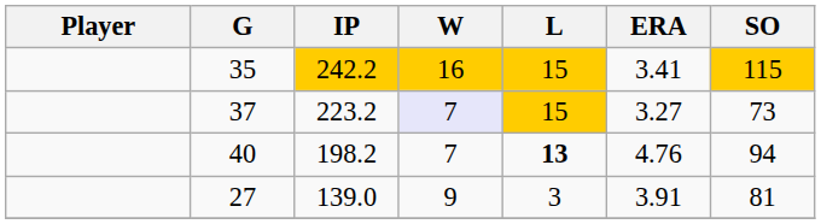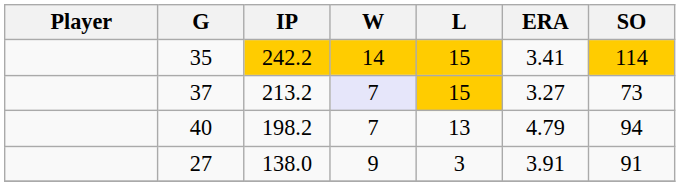 <table class="wikitable sortable">
 <tr>
 <th bgcolor="#DDDDFF" width="16%">Player</th>
 <th bgcolor="#DDDDFF" width="9%">G</th>
 <th bgcolor="#DDDDFF" width="9%">IP</th>
 <th bgcolor="#DDDDFF" width="9%">W</th>
 <th bgcolor="#DDDDFF" width="9%">L</th>
 <th bgcolor="#DDDDFF" width="9%">ERA</th>
 <th bgcolor="#DDDDFF" width="9%">SO</th>
 </tr>
 <tr align="center">
 <td></td>
 <td>35</td>
 <td style="background:#fc0;">242.2</td>
-<td style="background:#fc0;">16</td>
+<td style="background:#fc0;">14</td>
 <td style="background:#fc0;">15</td>
 <td>3.41</td>
-<td style="background:#fc0;">115</td>
+<td style="background:#fc0;">114</td>
 </tr>
 <tr align="center">
 <td></td>
 <td>37</td>
-<td>223.2</td>
+<td>213.2</td>
 <td style="background: lavender;">7</td>
 <td style="background:#fc0;">15</td>
 <td>3.27</td>
 <td>73</td>
 </tr>
 <tr align="center">
 <td></td>
 <td>40</td>
 <td>198.2</td>
 <td>7</td>
-<td><strong>13</strong></td>
-<td>4.76</td>
+<td>13</td>
+<td>4.79</td>
 <td>94</td>
 </tr>
 <tr align="center">
 <td></td>
 <td>27</td>
-<td>139.0</td>
+<td>138.0</td>
 <td>9</td>
 <td>3</td>
 <td>3.91</td>
-<td>81</td>
+<td>91</td>
 </tr>
 <tr align="center">
 </tr>
 </table>
